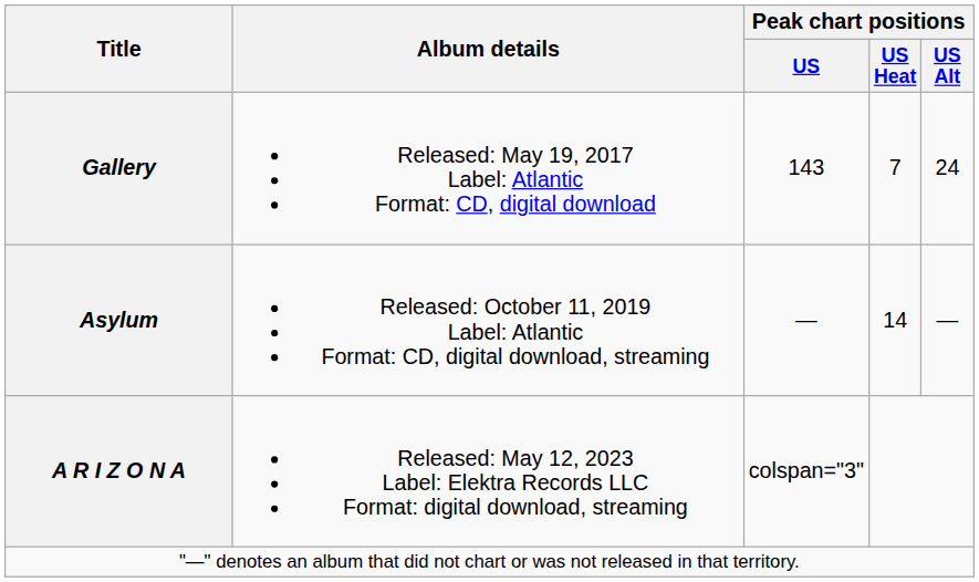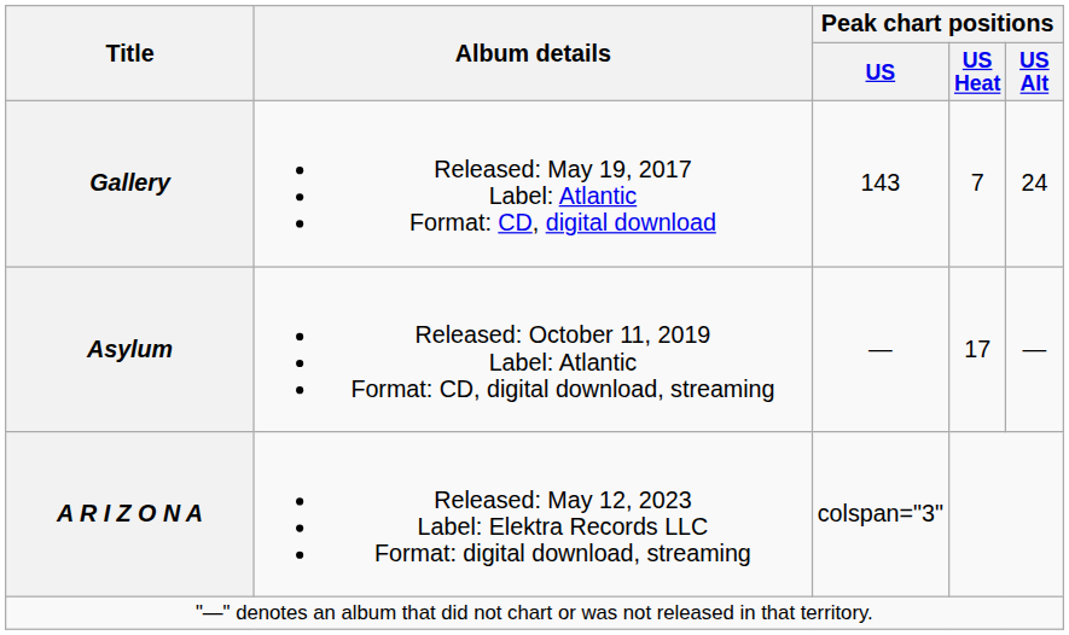 <table class="wikitable plainrowheaders" style="text-align:center;" border="1">
 <tr>
 <th scope="col" rowspan="2" style="width:10em;">Title</th>
 <th scope="col" rowspan="2" style="width:23em;">Album details</th>
 <th scope="col" colspan="3">Peak chart positions</th>
 </tr>
 <tr>
 <th scope="col" style="width:2.2em;font-size:90%;"><a href='#'>US</a><br></th>
 <th scope="col" style="width:2.2em;font-size:90%;"><a href='#'>US<br>Heat</a><br></th>
 <th scope="col" style="width:2.2em;font-size:90%;"><a href='#'>US<br>Alt</a><br></th>
 </tr>
 <tr>
 <th scope="row"><em>Gallery</em></th>
 <td><br><ul><li>Released: May 19, 2017</li><li>Label: <a href='#'>Atlantic</a></li><li>Format: <a href='#'>CD</a>, <a href='#'>digital download</a></li></ul></td>
 <td>143</td>
 <td>7</td>
 <td>24</td>
 </tr>
 <tr>
 <th scope="row"><em>Asylum</em></th>
 <td><br><ul><li>Released: October 11, 2019</li><li>Label: Atlantic</li><li>Format: CD, digital download, streaming</li></ul></td>
 <td>—</td>
-<td>14</td>
+<td>17</td>
 <td>—</td>
 </tr>
 <tr>
 <th scope="row"><em>A R I Z O N A</em></th>
 <td><br><ul><li>Released: May 12, 2023</li><li>Label: Elektra Records LLC</li><li>Format: digital download, streaming</li></ul></td>
 <td>colspan="3" </td>
 </tr>
 <tr>
 <td colspan="20" style="font-size:85%">"—" denotes an album that did not chart or was not released in that territory.</td>
 </tr>
 </table>
